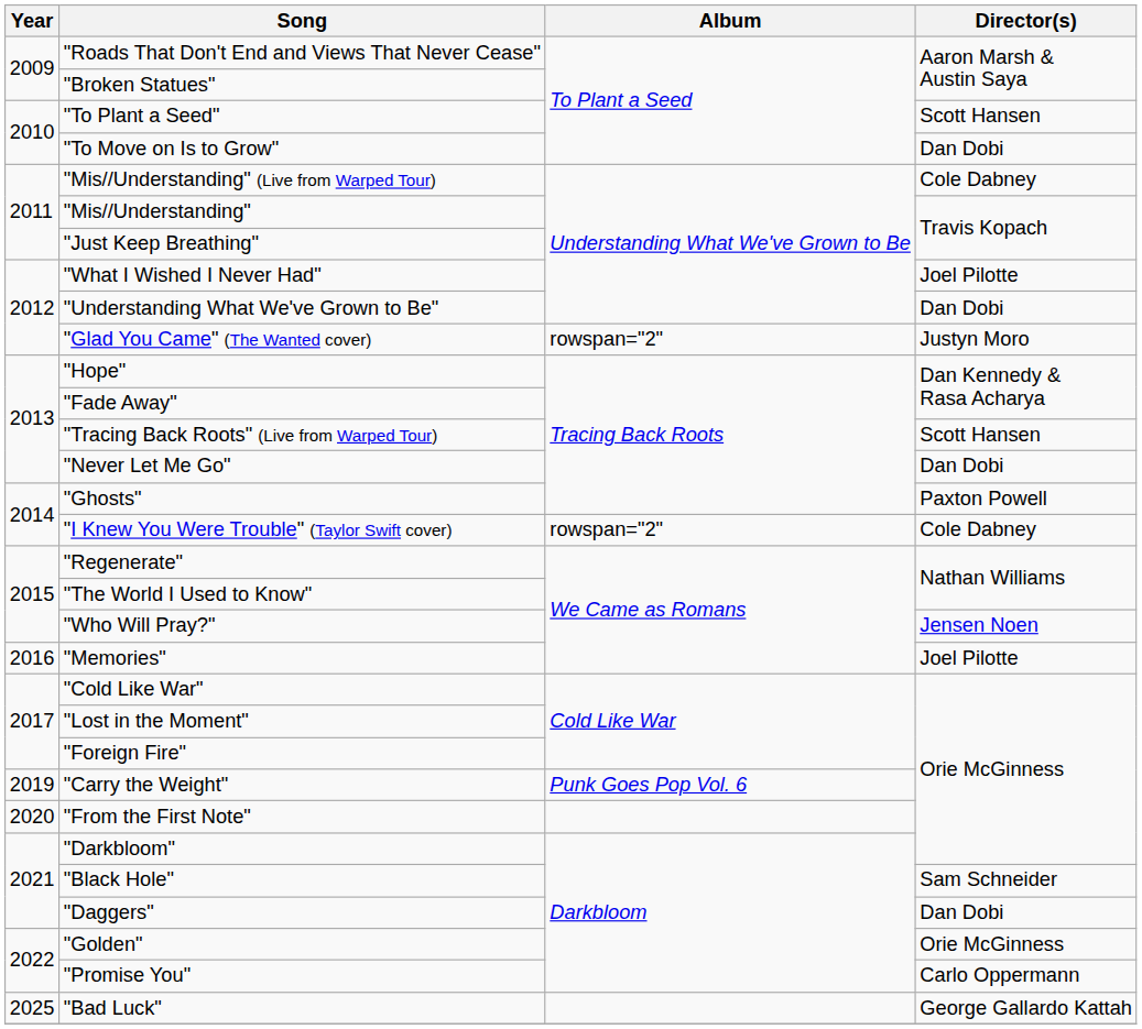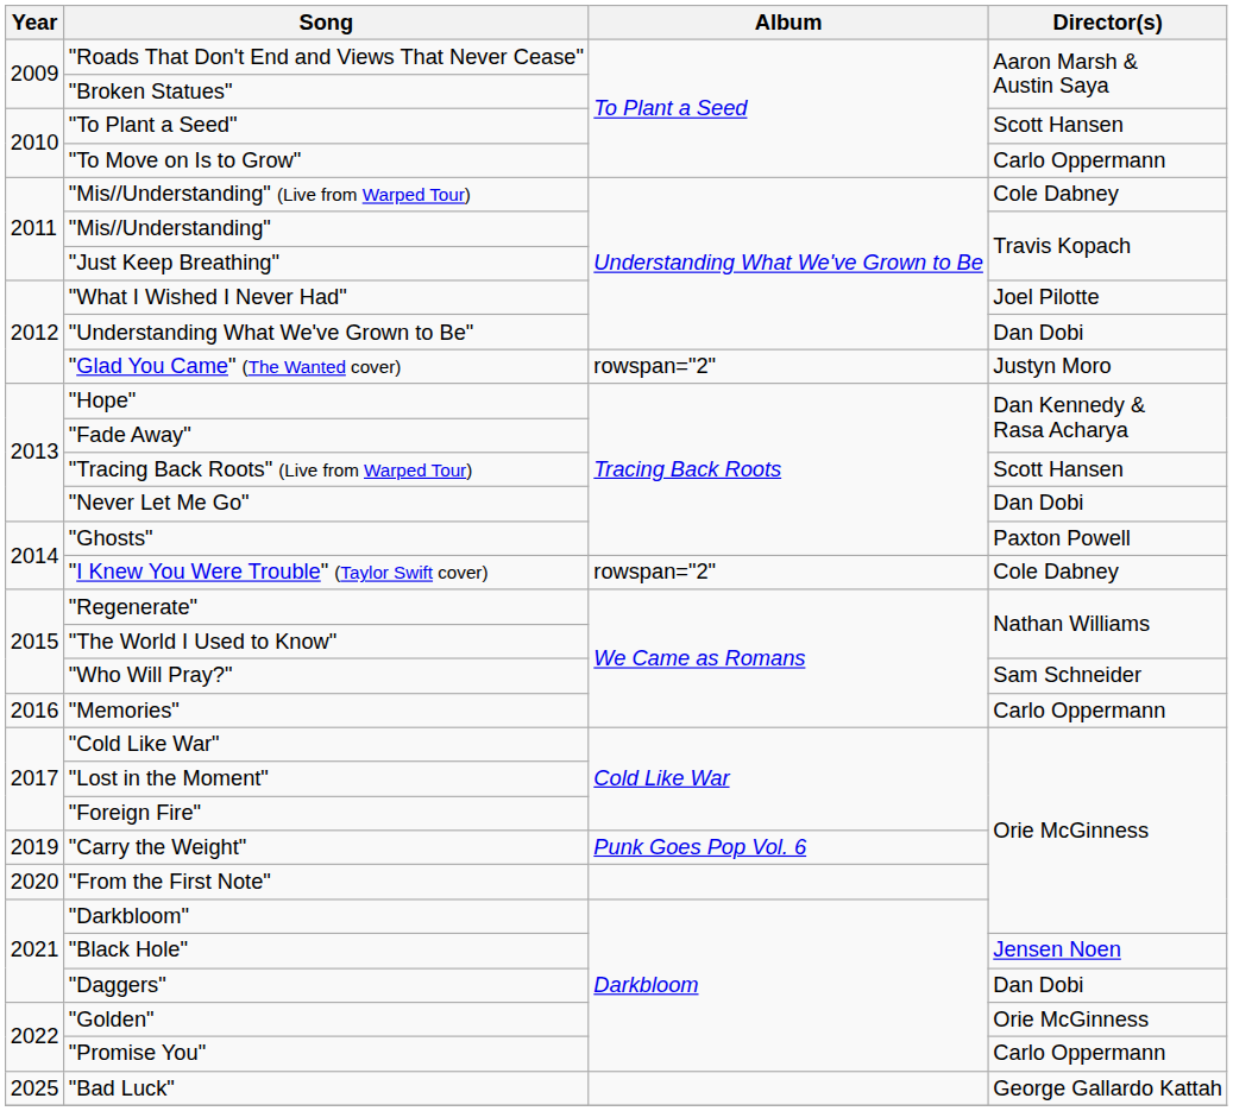 <table class="wikitable">
 <tr>
 <th>Year</th>
 <th>Song</th>
 <th>Album</th>
 <th>Director(s)</th>
 </tr>
 <tr>
 <td rowspan="2">2009</td>
 <td>"Roads That Don't End and Views That Never Cease"</td>
 <td rowspan="4"><em><a href='#'>To Plant a Seed</a></em></td>
 <td rowspan="2">Aaron Marsh &<br>Austin Saya</td>
 </tr>
 <tr>
 <td>"Broken Statues"</td>
 </tr>
 <tr>
 <td rowspan="2">2010</td>
 <td>"To Plant a Seed"</td>
 <td>Scott Hansen</td>
 </tr>
 <tr>
 <td>"To Move on Is to Grow"</td>
-<td>Dan Dobi</td>
+<td>Carlo Oppermann</td>
 </tr>
 <tr>
 <td rowspan="3">2011</td>
 <td>"Mis//Understanding" <small>(Live from <a href='#'>Warped Tour</a>)</small></td>
 <td rowspan="5"><em><a href='#'>Understanding What We've Grown to Be</a></em></td>
 <td>Cole Dabney</td>
 </tr>
 <tr>
 <td>"Mis//Understanding"</td>
 <td rowspan="2">Travis Kopach</td>
 </tr>
 <tr>
 <td>"Just Keep Breathing"</td>
 </tr>
 <tr>
 <td rowspan="3">2012</td>
 <td>"What I Wished I Never Had"</td>
 <td>Joel Pilotte</td>
 </tr>
 <tr>
 <td>"Understanding What We've Grown to Be"</td>
 <td>Dan Dobi</td>
 </tr>
 <tr>
 <td>"<a href='#'>Glad You Came</a>" <small>(<a href='#'>The Wanted</a> cover)</small></td>
 <td>rowspan="2" </td>
 <td>Justyn Moro</td>
 </tr>
 <tr>
 <td rowspan="4">2013</td>
 <td>"Hope"</td>
 <td rowspan="5"><em><a href='#'>Tracing Back Roots</a></em></td>
 <td rowspan="2">Dan Kennedy &<br>Rasa Acharya</td>
 </tr>
 <tr>
 <td>"Fade Away"</td>
 </tr>
 <tr>
 <td>"Tracing Back Roots" <small>(Live from <a href='#'>Warped Tour</a>)</small></td>
 <td>Scott Hansen</td>
 </tr>
 <tr>
 <td>"Never Let Me Go"</td>
 <td>Dan Dobi</td>
 </tr>
 <tr>
 <td rowspan="2">2014</td>
 <td>"Ghosts"</td>
 <td>Paxton Powell</td>
 </tr>
 <tr>
 <td>"<a href='#'>I Knew You Were Trouble</a>" <small>(<a href='#'>Taylor Swift</a> cover)</small></td>
 <td>rowspan="2" </td>
 <td>Cole Dabney</td>
 </tr>
 <tr>
 <td rowspan="3">2015</td>
 <td>"Regenerate"</td>
 <td rowspan="4"><em><a href='#'>We Came as Romans</a></em></td>
 <td rowspan="2">Nathan Williams</td>
 </tr>
 <tr>
 <td>"The World I Used to Know"</td>
 </tr>
 <tr>
 <td>"Who Will Pray?"</td>
-<td><a href='#'>Jensen Noen</a></td>
+<td>Sam Schneider</td>
 </tr>
 <tr>
 <td>2016</td>
 <td>"Memories"</td>
-<td>Joel Pilotte</td>
+<td>Carlo Oppermann</td>
 </tr>
 <tr>
 <td rowspan="3">2017</td>
 <td>"Cold Like War"</td>
 <td rowspan="3"><em><a href='#'>Cold Like War</a></em></td>
 <td rowspan="6">Orie McGinness</td>
 </tr>
 <tr>
 <td>"Lost in the Moment"</td>
 </tr>
 <tr>
 <td>"Foreign Fire"</td>
 </tr>
 <tr>
 <td>2019</td>
 <td>"Carry the Weight"</td>
 <td><em><a href='#'>Punk Goes Pop Vol. 6</a></em></td>
 </tr>
 <tr>
 <td>2020</td>
 <td>"From the First Note"</td>
 </tr>
 <tr>
 <td rowspan="3">2021</td>
 <td>"Darkbloom"</td>
 <td rowspan="5"><em><a href='#'>Darkbloom</a></em></td>
 </tr>
 <tr>
 <td>"Black Hole"</td>
-<td>Sam Schneider</td>
+<td><a href='#'>Jensen Noen</a></td>
 </tr>
 <tr>
 <td>"Daggers"</td>
 <td>Dan Dobi</td>
 </tr>
 <tr>
 <td rowspan="2">2022</td>
 <td>"Golden"</td>
 <td>Orie McGinness</td>
 </tr>
 <tr>
 <td>"Promise You"</td>
 <td>Carlo Oppermann</td>
 </tr>
 <tr>
 <td>2025</td>
 <td>"Bad Luck"</td>
 <td></td>
 <td>George Gallardo Kattah</td>
 </tr>
 <tr>
 </tr>
 </table>
